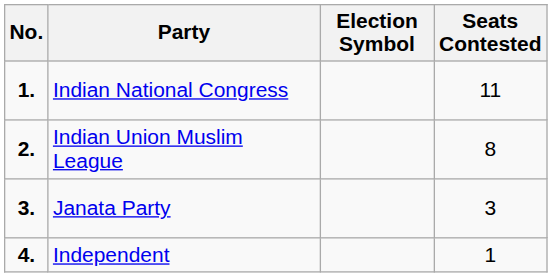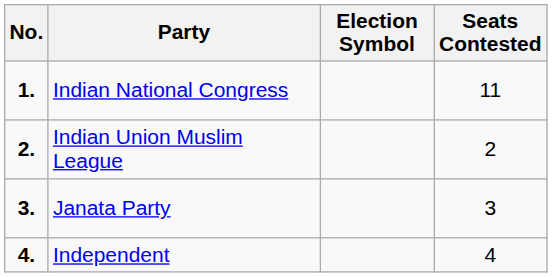 <table class="wikitable">
 <tr>
 <th scope="col" style="width:4px;">No.</th>
 <th scope="col" style="width:200px;">Party</th>
 <th scope="col" style="width:80px;">Election Symbol</th>
 <th scope="col" style="width:60px;">Seats Contested</th>
 </tr>
 <tr style="height: 45px;">
 <td style="text-align:center; background:"><strong>1.</strong></td>
 <td><a href='#'>Indian National Congress</a></td>
 <td style="text-align:center;"></td>
 <td style="text-align:center;">11</td>
 </tr>
 <tr style="height: 45px;">
 <td style="text-align:center; background:"><strong>2.</strong></td>
 <td><a href='#'>Indian Union Muslim League</a></td>
 <td style="text-align:center;"></td>
-<td style="text-align:center;">8</td>
+<td style="text-align:center;">2</td>
 </tr>
 <tr style="height: 45px;">
 <td style="text-align:center; background:"><strong>3.</strong></td>
 <td><a href='#'>Janata Party</a></td>
 <td style="text-align:center;"></td>
 <td style="text-align:center;">3</td>
 </tr>
 <tr>
 <td style="text-align:center; background:"><strong>4.</strong></td>
 <td><a href='#'>Independent</a></td>
 <td style="text-align:center;"></td>
-<td style="text-align:center;">1</td>
+<td style="text-align:center;">4</td>
 </tr>
 </table>
